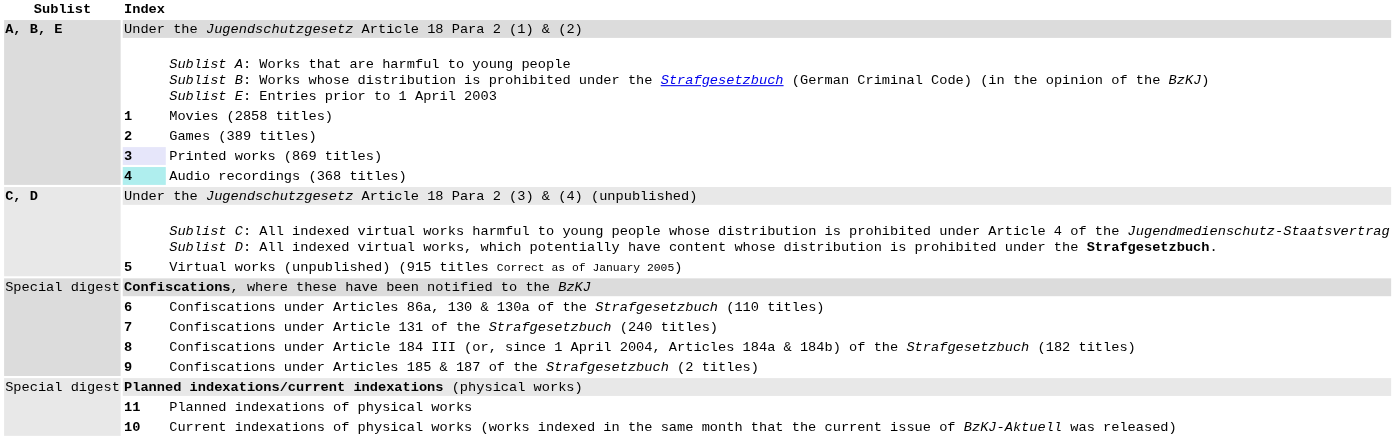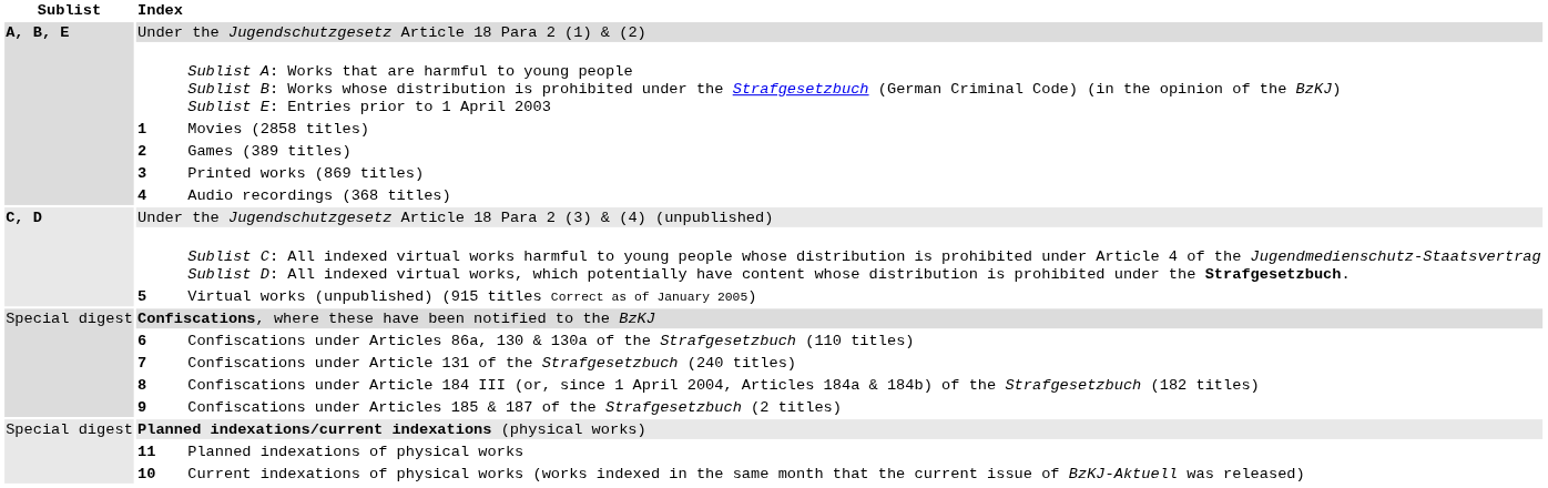 <table>
 <tr>
 <th><strong>Sublist</strong></th>
 <th><strong>Index</strong></th>
 <th></th>
 </tr>
 <tr>
 <td style="background:#DCDCDC;vertical-align:top;" rowspan="6"><strong>A, B, E</strong></td>
 <td style="background:#DCDCDC;" colspan="2">Under the <em>Jugendschutzgesetz</em> Article 18 Para 2 (1) & (2)</td>
 </tr>
 <tr>
 <td></td>
 <td><br><em>Sublist A</em>: Works that are harmful to young people<br> <em>Sublist B</em>: Works whose distribution is prohibited under the <em><a href='#'>Strafgesetzbuch</a></em> (German Criminal Code) (in the opinion of the <em>BzKJ</em>)<br> <em>Sublist E</em>: Entries prior to 1 April 2003</td>
 </tr>
 <tr>
 <td><strong>1</strong></td>
 <td>Movies (2858 titles)</td>
 </tr>
 <tr>
 <td><strong>2</strong></td>
 <td>Games (389 titles)</td>
 </tr>
 <tr>
-<td style="background: lavender;"><strong>3</strong></td>
+<td><strong>3</strong></td>
 <td>Printed works (869 titles)</td>
 </tr>
 <tr>
-<td style="background: paleturquoise;"><strong>4</strong></td>
+<td><strong>4</strong></td>
 <td>Audio recordings (368 titles)</td>
 </tr>
 <tr>
 <td style="background:#E8E8E8;vertical-align:top;" rowspan="3"><strong>C, D</strong></td>
 <td style="background:#E8E8E8;" colspan="2">Under the <em>Jugendschutzgesetz</em> Article 18 Para 2 (3) & (4) (unpublished)</td>
 </tr>
 <tr>
 <td></td>
 <td><br><em>Sublist C</em>: All indexed virtual works harmful to young people whose distribution is prohibited under Article 4 of the <em>Jugendmedienschutz-Staatsvertrag</em><br> <em>Sublist D</em>: All indexed virtual works, which potentially have content whose distribution is prohibited under the <strong>Strafgesetzbuch</strong>.</td>
 </tr>
 <tr>
 <td><strong>5</strong></td>
 <td>Virtual works (unpublished) (915 titles <small>Correct as of January 2005</small>)</td>
 </tr>
 <tr>
 <td style="background:#DCDCDC;vertical-align:top;" rowspan="5">Special digest</td>
 <td style="background:#DCDCDC;" colspan="2"><strong>Confiscations</strong>, where these have been notified to the <em>BzKJ</em></td>
 </tr>
 <tr>
 <td><strong>6</strong></td>
 <td>Confiscations under Articles 86a, 130 & 130a of the <em>Strafgesetzbuch</em> (110 titles)</td>
 </tr>
 <tr>
 <td><strong>7</strong></td>
 <td>Confiscations under Article 131 of the <em>Strafgesetzbuch</em> (240 titles)</td>
 </tr>
 <tr>
 <td><strong>8</strong></td>
 <td>Confiscations under Article 184 III (or, since 1 April 2004, Articles 184a & 184b) of the <em>Strafgesetzbuch</em> (182 titles)</td>
 </tr>
 <tr>
 <td><strong>9</strong></td>
 <td>Confiscations under Articles 185 & 187 of the <em>Strafgesetzbuch</em> (2 titles)</td>
 </tr>
 <tr>
 <td style="background:#E8E8E8;vertical-align:top;" rowspan="3">Special digest</td>
 <td style="background:#E8E8E8;" colspan="2"><strong>Planned indexations/current indexations</strong> (physical works)</td>
 </tr>
 <tr>
 <td><strong>11</strong></td>
 <td>Planned indexations of physical works</td>
 </tr>
 <tr>
 <td><strong>10</strong></td>
 <td>Current indexations of physical works (works indexed in the same month that the current issue of <em>BzKJ-Aktuell</em> was released)</td>
 </tr>
 <tr>
 </tr>
 </table>
